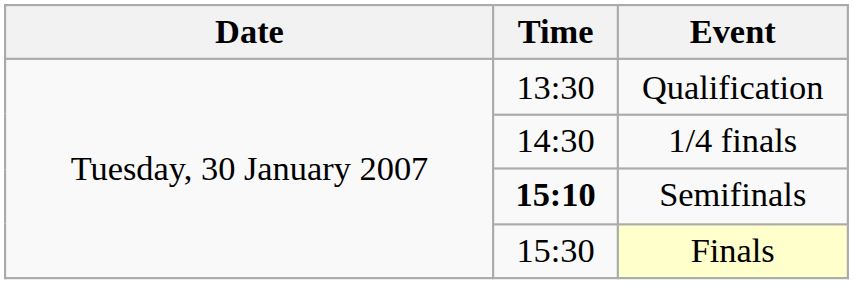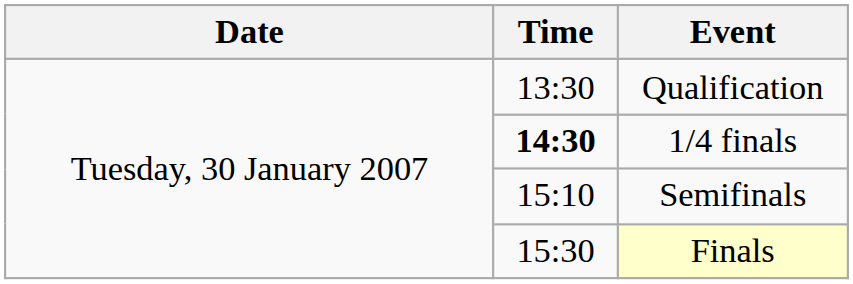 <table class = "wikitable" style="text-align:center;">
 <tr>
 <th width=220>Date</th>
 <th width=50>Time</th>
 <th width=100>Event</th>
 </tr>
 <tr>
 <td rowspan=4>Tuesday, 30 January 2007</td>
 <td>13:30</td>
 <td>Qualification</td>
 </tr>
 <tr>
-<td>14:30</td>
+<td><strong>14:30</strong></td>
 <td>1/4 finals</td>
 </tr>
 <tr>
-<td><strong>15:10</strong></td>
+<td>15:10</td>
 <td>Semifinals</td>
 </tr>
 <tr>
 <td>15:30</td>
 <td bgcolor=ffffcc>Finals</td>
 </tr>
 </table>
